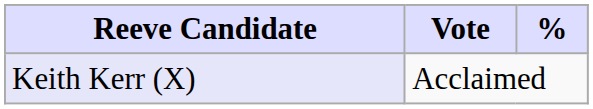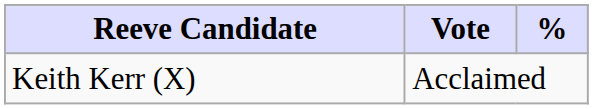 <table class="wikitable">
 <tr>
 <th style="background:#ddf; width:200px;">Reeve Candidate </th>
 <th style="background:#ddf; width:50px;">Vote</th>
 <th style="background:#ddf; width:30px;">%</th>
 </tr>
 <tr>
-<td style="background: lavender;">Keith Kerr (X)</td>
+<td>Keith Kerr (X)</td>
 <td colspan="2">Acclaimed</td>
 </tr>
 </table>
